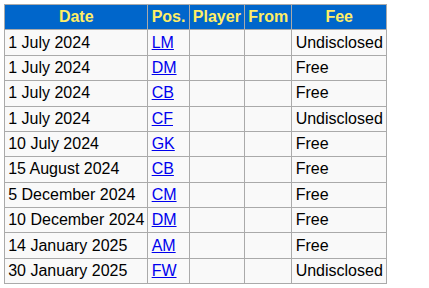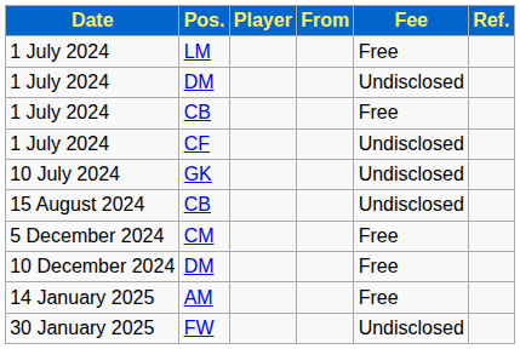 <table class="wikitable plainrowheaders sortable">
 <tr>
 <th style="background:#0066cb; color:#fe6; ">Date</th>
 <th style="background:#0066cb; color:#fe6; ">Pos.</th>
 <th style="background:#0066cb; color:#fe6; ">Player</th>
 <th style="background:#0066cb; color:#fe6; ">From</th>
 <th style="background:#0066cb; color:#fe6; ">Fee</th>
+<th style="background:#0066cb; color:#fe6; ">Ref.</th>
 </tr>
 <tr>
 <td>1 July 2024</td>
 <td><a href='#'>LM</a></td>
 <td></td>
 <td></td>
-<td>Undisclosed</td>
+<td>Free</td>
+<td></td>
 </tr>
 <tr>
 <td>1 July 2024</td>
 <td><a href='#'>DM</a></td>
 <td></td>
 <td></td>
-<td>Free</td>
+<td>Undisclosed</td>
+<td></td>
 </tr>
 <tr>
 <td>1 July 2024</td>
 <td><a href='#'>CB</a></td>
 <td></td>
 <td></td>
 <td>Free</td>
+<td></td>
 </tr>
 <tr>
 <td>1 July 2024</td>
 <td><a href='#'>CF</a></td>
 <td></td>
 <td></td>
 <td>Undisclosed</td>
+<td></td>
 </tr>
 <tr>
 <td>10 July 2024</td>
 <td><a href='#'>GK</a></td>
 <td></td>
 <td></td>
-<td>Free</td>
+<td>Undisclosed</td>
+<td></td>
 </tr>
 <tr>
 <td>15 August 2024</td>
 <td><a href='#'>CB</a></td>
 <td></td>
 <td></td>
-<td>Free</td>
+<td>Undisclosed</td>
+<td></td>
 </tr>
 <tr>
 <td>5 December 2024</td>
 <td><a href='#'>CM</a></td>
 <td></td>
 <td></td>
 <td>Free</td>
+<td></td>
 </tr>
 <tr>
 <td>10 December 2024</td>
 <td><a href='#'>DM</a></td>
 <td></td>
 <td></td>
 <td>Free</td>
+<td></td>
 </tr>
 <tr>
 <td>14 January 2025</td>
 <td><a href='#'>AM</a></td>
 <td></td>
 <td></td>
 <td>Free</td>
+<td></td>
 </tr>
 <tr>
 <td>30 January 2025</td>
 <td><a href='#'>FW</a></td>
 <td></td>
 <td></td>
 <td>Undisclosed</td>
+<td></td>
 </tr>
 </table>
